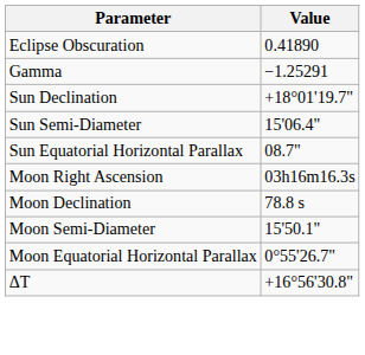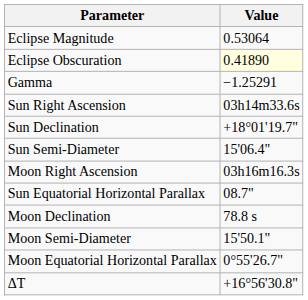 <table class="wikitable">
 <tr>
 <th>Parameter</th>
 <th>Value</th>
 </tr>
 <tr>
+<td>Eclipse Magnitude</td>
+<td>0.53064</td>
+</tr>
+<tr>
 <td>Eclipse Obscuration</td>
-<td>0.41890</td>
+<td style="background: lightyellow;">0.41890</td>
 </tr>
 <tr>
 <td>Gamma</td>
 <td>−1.25291</td>
+</tr>
+<tr>
+<td>Sun Right Ascension</td>
+<td>03h14m33.6s</td>
 </tr>
 <tr>
 <td>Sun Declination</td>
 <td>+18°01'19.7"</td>
 </tr>
 <tr>
 <td>Sun Semi-Diameter</td>
 <td>15'06.4"</td>
 </tr>
 <tr>
+<td>Moon Right Ascension</td>
+<td>03h16m16.3s</td>
+</tr>
+<tr>
 <td>Sun Equatorial Horizontal Parallax</td>
 <td>08.7"</td>
-</tr>
-<tr>
-<td>Moon Right Ascension</td>
-<td>03h16m16.3s</td>
 </tr>
 <tr>
 <td>Moon Declination</td>
 <td>78.8 s</td>
 </tr>
 <tr>
 <td>Moon Semi-Diameter</td>
 <td>15'50.1"</td>
 </tr>
 <tr>
 <td>Moon Equatorial Horizontal Parallax</td>
 <td>0°55'26.7"</td>
 </tr>
 <tr>
 <td>ΔT</td>
 <td>+16°56'30.8"</td>
 </tr>
 </table>
